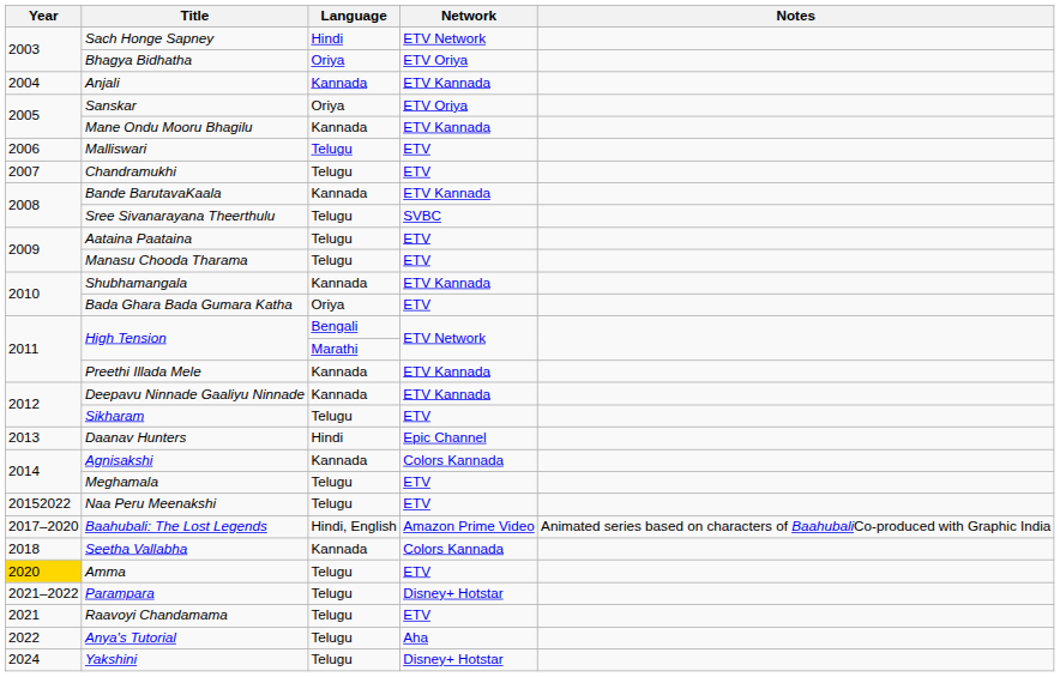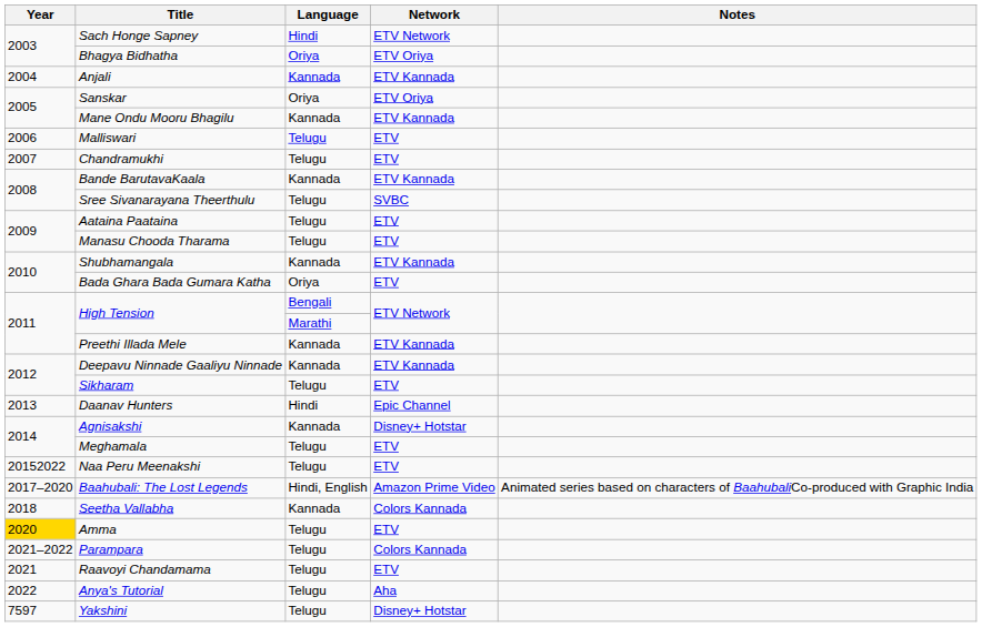 <table class="wikitable">
 <tr>
 <th style="text-align:center;">Year</th>
 <th style="text-align:center;">Title</th>
 <th style="text-align:center;">Language</th>
 <th style="text-align:center;">Network</th>
 <th style="text-align:center;">Notes</th>
 </tr>
 <tr>
 <td rowspan="2">2003</td>
 <td><em>Sach Honge Sapney</em></td>
 <td><a href='#'>Hindi</a></td>
 <td><a href='#'>ETV Network</a></td>
 <td></td>
 </tr>
 <tr>
 <td><em>Bhagya Bidhatha</em></td>
 <td><a href='#'>Oriya</a></td>
 <td><a href='#'>ETV Oriya</a></td>
 <td></td>
 </tr>
 <tr>
 <td>2004</td>
 <td><em>Anjali</em></td>
 <td><a href='#'>Kannada</a></td>
 <td><a href='#'>ETV Kannada</a></td>
 <td></td>
 </tr>
 <tr>
 <td rowspan="2">2005</td>
 <td><em>Sanskar</em></td>
 <td>Oriya</td>
 <td><a href='#'>ETV Oriya</a></td>
 <td></td>
 </tr>
 <tr>
 <td><em>Mane Ondu Mooru Bhagilu</em></td>
 <td>Kannada</td>
 <td><a href='#'>ETV Kannada</a></td>
 <td></td>
 </tr>
 <tr>
 <td>2006</td>
 <td><em>Malliswari</em></td>
 <td><a href='#'>Telugu</a></td>
 <td><a href='#'>ETV</a></td>
 <td></td>
 </tr>
 <tr>
 <td>2007</td>
 <td><em>Chandramukhi</em></td>
 <td>Telugu</td>
 <td><a href='#'>ETV</a></td>
 <td></td>
 </tr>
 <tr>
 <td rowspan="2">2008</td>
 <td><em>Bande BarutavaKaala</em></td>
 <td>Kannada</td>
 <td><a href='#'>ETV Kannada</a></td>
 <td></td>
 </tr>
 <tr>
 <td><em>Sree Sivanarayana Theerthulu</em></td>
 <td>Telugu</td>
 <td><a href='#'>SVBC</a></td>
 <td></td>
 </tr>
 <tr>
 <td rowspan="2">2009</td>
 <td><em>Aataina Paataina</em></td>
 <td>Telugu</td>
 <td><a href='#'>ETV</a></td>
 <td></td>
 </tr>
 <tr>
 <td><em>Manasu Chooda Tharama</em></td>
 <td>Telugu</td>
 <td><a href='#'>ETV</a></td>
 <td></td>
 </tr>
 <tr>
 <td rowspan="2">2010</td>
 <td><em>Shubhamangala</em></td>
 <td>Kannada</td>
 <td><a href='#'>ETV Kannada</a></td>
 <td></td>
 </tr>
 <tr>
 <td><em>Bada Ghara Bada Gumara Katha</em></td>
 <td>Oriya</td>
 <td><a href='#'>ETV</a></td>
 <td></td>
 </tr>
 <tr>
 <td rowspan="3">2011</td>
 <td rowspan="2"><a href='#'><em>High Tension</em></a></td>
 <td><a href='#'>Bengali</a></td>
 <td rowspan="2"><a href='#'>ETV Network</a></td>
 <td rowspan="2"></td>
 </tr>
 <tr>
 <td><a href='#'>Marathi</a></td>
 </tr>
 <tr>
 <td><em>Preethi Illada Mele</em></td>
 <td>Kannada</td>
 <td><a href='#'>ETV Kannada</a></td>
 <td></td>
 </tr>
 <tr>
 <td rowspan="2">2012</td>
 <td><em>Deepavu Ninnade Gaaliyu Ninnade</em></td>
 <td>Kannada</td>
 <td><a href='#'>ETV Kannada</a></td>
 <td></td>
 </tr>
 <tr>
 <td><em><a href='#'>Sikharam</a></em></td>
 <td>Telugu</td>
 <td><a href='#'>ETV</a></td>
 <td></td>
 </tr>
 <tr>
 <td>2013</td>
 <td><em>Daanav Hunters</em></td>
 <td>Hindi</td>
 <td><a href='#'>Epic Channel</a></td>
 <td></td>
 </tr>
 <tr>
 <td rowspan="2">2014</td>
 <td><em><a href='#'>Agnisakshi</a></em></td>
 <td>Kannada</td>
-<td><a href='#'>Colors Kannada</a></td>
+<td><a href='#'>Disney+ Hotstar</a></td>
 <td></td>
 </tr>
 <tr>
 <td><em>Meghamala</em></td>
 <td>Telugu</td>
 <td><a href='#'>ETV</a></td>
 <td></td>
 </tr>
 <tr>
 <td>20152022</td>
 <td><em>Naa Peru Meenakshi</em></td>
 <td>Telugu</td>
 <td><a href='#'>ETV</a></td>
 <td></td>
 </tr>
 <tr>
 <td>2017–2020</td>
 <td><em><a href='#'>Baahubali: The Lost Legends</a></em></td>
 <td>Hindi, English</td>
 <td><a href='#'>Amazon Prime Video</a></td>
 <td>Animated series based on characters of <a href='#'><em>Baahubali</em></a>Co-produced with Graphic India</td>
 </tr>
 <tr>
 <td>2018</td>
 <td><em><a href='#'>Seetha Vallabha</a></em></td>
 <td>Kannada</td>
 <td><a href='#'>Colors Kannada</a></td>
 <td></td>
 </tr>
 <tr>
 <td style="background: gold;">2020</td>
 <td><em>Amma</em></td>
 <td>Telugu</td>
 <td><a href='#'>ETV</a></td>
 <td></td>
 </tr>
 <tr>
 <td>2021–2022</td>
 <td><a href='#'><em>Parampara</em></a></td>
 <td>Telugu</td>
-<td><a href='#'>Disney+ Hotstar</a></td>
+<td><a href='#'>Colors Kannada</a></td>
 <td></td>
 </tr>
 <tr>
 <td>2021</td>
 <td><em>Raavoyi Chandamama</em></td>
 <td>Telugu</td>
 <td><a href='#'>ETV</a></td>
 <td></td>
 </tr>
 <tr>
 <td>2022</td>
 <td><em><a href='#'>Anya's Tutorial</a></em></td>
 <td>Telugu</td>
 <td><a href='#'>Aha</a></td>
 <td></td>
 </tr>
 <tr>
-<td>2024</td>
+<td>7597</td>
 <td><a href='#'><em>Yakshini</em></a></td>
 <td>Telugu</td>
 <td><a href='#'>Disney+ Hotstar</a></td>
 <td></td>
 </tr>
 </table>
